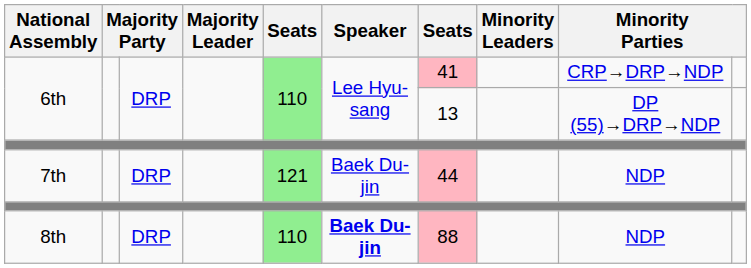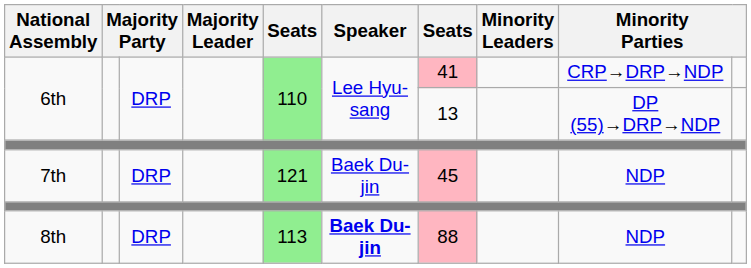 <table class="wikitable" style="font-size:96%; text-align:center;">
 <tr>
 <th>National<br>Assembly</th>
 <th colspan="2">Majority<br>Party</th>
 <th>Majority<br>Leader</th>
 <th>Seats</th>
 <th>Speaker</th>
 <th>Seats</th>
 <th>Minority<br>Leaders</th>
 <th colspan="2">Minority<br>Parties</th>
 </tr>
 <tr>
 <td rowspan="2">6th<br></td>
 <td rowspan="2" style="background: "> </td>
 <td rowspan="2"><a href='#'>DRP</a></td>
 <td rowspan="2"></td>
 <td rowspan="2" style="background:lightgreen;">110</td>
 <td rowspan="2"><a href='#'>Lee Hyu-sang</a> </td>
 <td style="background:lightpink;">41</td>
 <td></td>
 <td><a href='#'>CRP</a>→<a href='#'>DRP</a>→<a href='#'>NDP</a></td>
 <td style="background: "> </td>
 </tr>
 <tr>
 <td>13</td>
 <td></td>
 <td><a href='#'>DP (55)</a>→<a href='#'>DRP</a>→<a href='#'>NDP</a></td>
 <td style="background: "></td>
 </tr>
 <tr>
 <td bgcolor="grey" colspan = "10"></td>
 </tr>
 <tr>
 <td rowspan="1">7th<br></td>
 <td rowspan="1" style="background: "></td>
 <td rowspan="1"><a href='#'>DRP</a></td>
 <td rowspan="1"></td>
 <td rowspan="1" style="background:lightgreen;">121</td>
 <td rowspan="1"><a href='#'>Baek Du-jin</a> </td>
-<td style="background:lightpink;">44</td>
+<td style="background:lightpink;">45</td>
 <td></td>
 <td><a href='#'>NDP</a></td>
 <td style="background: "></td>
 </tr>
 <tr>
 <td bgcolor="grey" colspan = "10"></td>
 </tr>
 <tr>
 <td rowspan="1">8th<br></td>
 <td rowspan="1" style="background: "> </td>
 <td rowspan="1"><a href='#'>DRP</a></td>
 <td rowspan="1"></td>
-<td rowspan="1" style="background:lightgreen;">110</td>
+<td rowspan="1" style="background:lightgreen;">113</td>
 <td rowspan="1"><strong><a href='#'>Baek Du-jin</a> </strong></td>
 <td style="background:lightpink;">88</td>
 <td></td>
 <td><a href='#'>NDP</a></td>
 <td style="background: "></td>
 </tr>
 </table>
